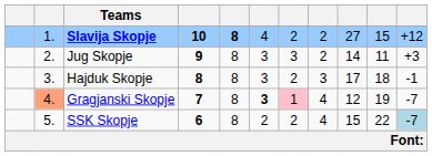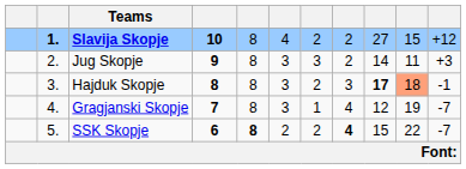 <table class="wikitable sortable" style="text-align: center; font-size: 90%;">
 <tr>
 <th width=7%></th>
 <th width=7%></th>
 <th width=27%>Teams</th>
 <th width=10%></th>
 <th width=7%></th>
 <th width=7%></th>
 <th width=7%></th>
 <th width=7%></th>
 <th width=7%></th>
 <th width=7%></th>
 <th width=7%></th>
 </tr>
 <tr style=background:#99CBFF;>
 <td></td>
-<td>1.</td>
+<td><strong>1.</strong></td>
 <td style="text-align:left;"><strong><a href='#'>Slavija Skopje</a></strong></td>
 <td><strong>10</strong></td>
-<td><strong>8</strong></td>
+<td>8</td>
 <td>4</td>
 <td>2</td>
 <td>2</td>
 <td>27</td>
 <td>15</td>
 <td>+12</td>
 </tr>
 <tr>
 <td></td>
 <td>2.</td>
 <td style="text-align:left;">Jug Skopje</td>
 <td><strong>9</strong></td>
 <td>8</td>
 <td>3</td>
 <td>3</td>
 <td>2</td>
 <td>14</td>
 <td>11</td>
 <td>+3</td>
 </tr>
 <tr>
 <td></td>
 <td>3.</td>
 <td style="text-align:left;">Hajduk Skopje</td>
 <td><strong>8</strong></td>
 <td>8</td>
 <td>3</td>
 <td>2</td>
 <td>3</td>
-<td>17</td>
-<td>18</td>
+<td><strong>17</strong></td>
+<td style="background: lightsalmon;">18</td>
 <td>-1</td>
 </tr>
 <tr>
 <td></td>
-<td style="background: lightsalmon;">4.</td>
+<td>4.</td>
 <td style="text-align:left;"><a href='#'>Gragjanski Skopje</a></td>
 <td><strong>7</strong></td>
 <td>8</td>
-<td><strong>3</strong></td>
-<td style="background: pink;">1</td>
+<td>3</td>
+<td>1</td>
 <td>4</td>
 <td>12</td>
 <td>19</td>
 <td>-7</td>
 </tr>
 <tr>
 <td></td>
 <td>5.</td>
 <td style="text-align:left;"><a href='#'> SSK Skopje</a></td>
 <td><strong>6</strong></td>
-<td>8</td>
+<td><strong>8</strong></td>
 <td>2</td>
 <td>2</td>
-<td>4</td>
+<td><strong>4</strong></td>
 <td>15</td>
 <td>22</td>
-<td style="background: lightblue;">-7</td>
+<td>-7</td>
 </tr>
 <tr>
 <th colspan="11" style="text-align: right;">Font: </th>
 </tr>
 </table>
